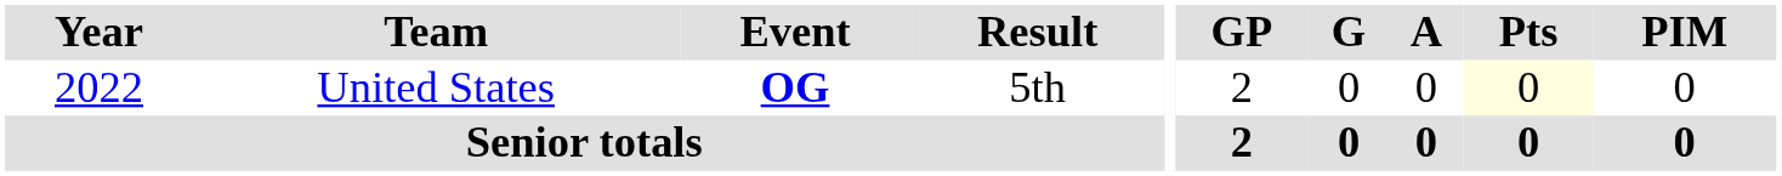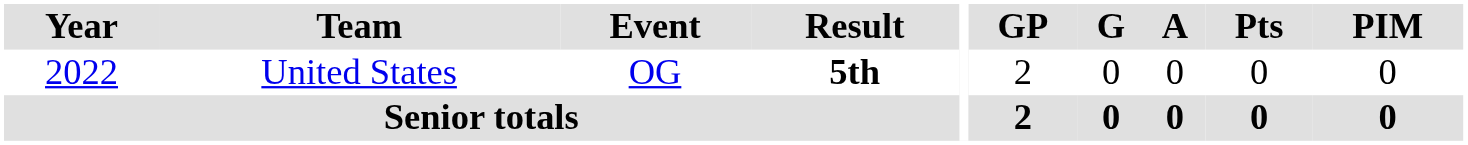 <table border="0" cellpadding="1" cellspacing="0" ID="Table3" style="text-align:center; width:40em;">
 <tr bgcolor="#e0e0e0">
 <th>Year</th>
 <th>Team</th>
 <th>Event</th>
 <th>Result</th>
 <th rowspan="98" bgcolor="#ffffff"></th>
 <th>GP</th>
 <th>G</th>
 <th>A</th>
 <th>Pts</th>
 <th>PIM</th>
 </tr>
 <tr>
 <td><a href='#'>2022</a></td>
 <td><a href='#'>United States</a></td>
-<td><strong><a href='#'>OG</a></strong></td>
-<td>5th</td>
+<td><a href='#'>OG</a></td>
+<td><strong>5th</strong></td>
 <td>2</td>
 <td>0</td>
 <td>0</td>
-<td style="background: lightyellow;">0</td>
+<td>0</td>
 <td>0</td>
 </tr>
 <tr bgcolor="#e0e0e0">
 <th colspan="4">Senior totals</th>
 <th>2</th>
 <th>0</th>
 <th>0</th>
 <th>0</th>
 <th>0</th>
 </tr>
 </table>
